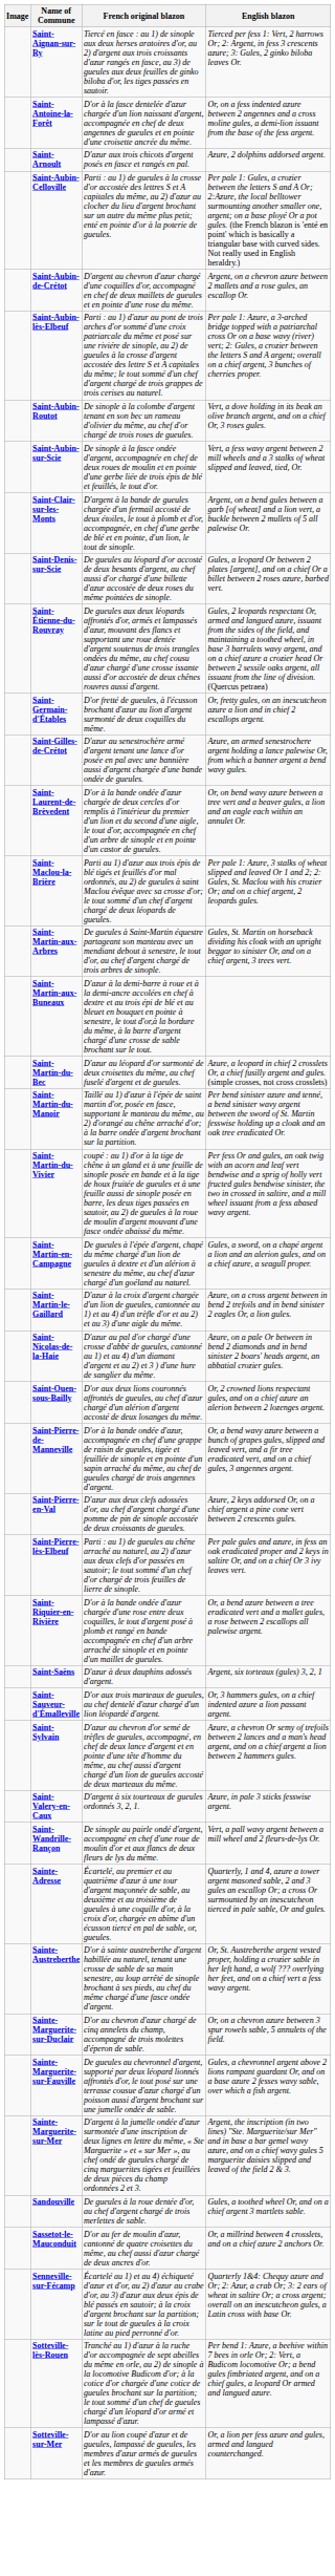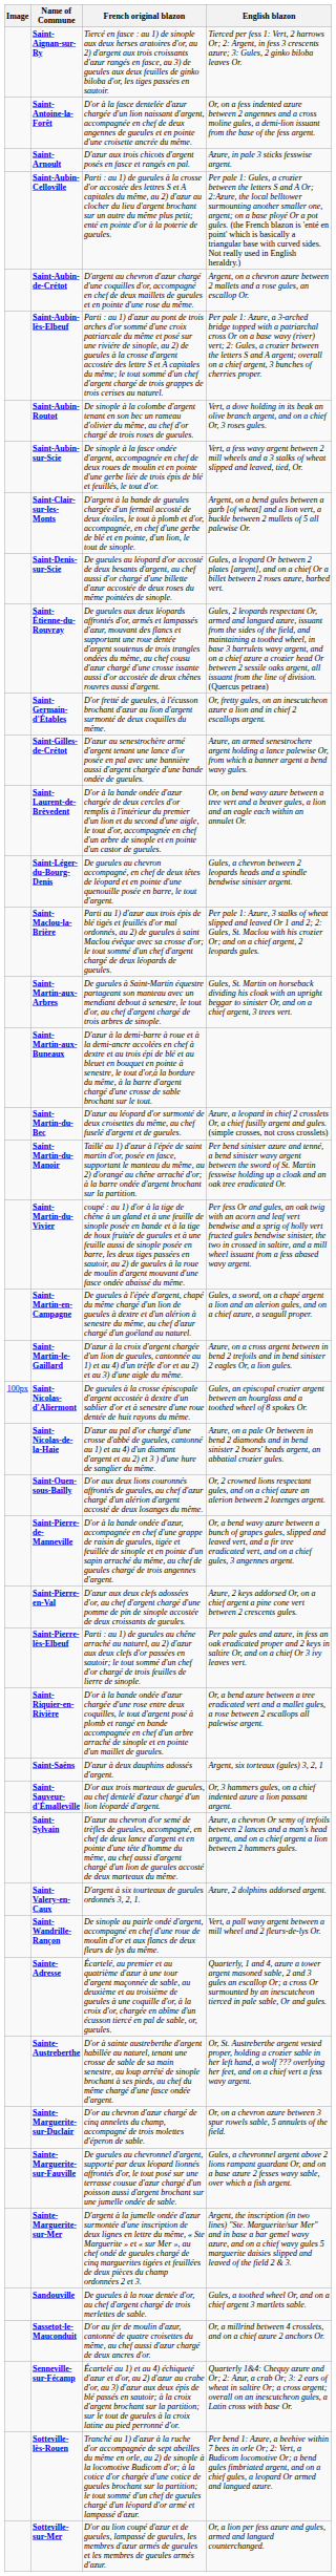 <table class="wikitable" width="100%">
 <tr>
 <th width="110">Image</th>
 <th>Name of Commune</th>
 <th width="40%">French original blazon</th>
 <th width="40%">English blazon</th>
 </tr>
 <tr valign=top>
 <td align=center></td>
 <td><strong><a href='#'>Saint-Aignan-sur-Ry</a></strong></td>
 <td><em>Tiercé en fasce : au 1) de sinople aux deux herses aratoires d'or, au 2) d'argent aux trois croissants d'azur rangés en fasce, au 3) de gueules aux deux feuilles de ginko biloba d'or, les tiges passées en sautoir.</em> </td>
 <td><em>Tierced per fess 1: Vert, 2 harrows Or; 2: Argent, in fess 3 crescents azure; 3: Gules, 2 ginko biloba leaves Or.</em></td>
 </tr>
 <tr valign=top>
 <td align=center></td>
 <td><strong><a href='#'>Saint-Antoine-la-Forêt</a></strong></td>
 <td><em>D'or à la fasce dentelée d'azur chargée d'un lion naissant d'argent, accompagnée en chef de deux angennes de gueules et en pointe d'une croisette ancrée du même.</em> </td>
 <td><em>Or, on a fess indented azure between 2 angennes and a cross moline gules, a demi-lion issuant from the base of the fess argent.</em></td>
 </tr>
 <tr valign=top>
 <td align=center></td>
 <td><strong><a href='#'>Saint-Arnoult</a></strong></td>
 <td><em>D'azur aux trois chicots d'argent posés en fasce et rangés en pal.</em> </td>
-<td><em>Azure, 2 dolphins addorsed argent.</em></td>
+<td><em>Azure, in pale 3 sticks fesswise argent.</em></td>
 </tr>
 <tr valign=top>
 <td align=center></td>
 <td><strong><a href='#'>Saint-Aubin-Celloville</a></strong></td>
 <td><em>Parti : au 1) de gueules à la crosse d'or accostée des lettres S et A capitales du même, au 2) d'azur au clocher du lieu d'argent brochant sur un autre du même plus petit; enté en pointe d'or à la poterie de gueules.</em> </td>
 <td><em>Per pale 1: Gules, a crozier between the letters S and A Or; 2:Azure, the local belltower surmounting another smaller one, argent; on a base ployé Or a pot gules.</em> (the French blazon is 'enté en point' which is basically a triangular base with curved sides.  Not really used in English heraldry.)</td>
 </tr>
 <tr valign=top>
 <td align=center></td>
 <td><strong><a href='#'>Saint-Aubin-de-Crétot</a></strong></td>
 <td><em>D'argent au chevron d'azur chargé d'une coquilles d'or, accompagné en chef de deux maillets de gueules et en pointe d'une rose du même.</em> </td>
 <td><em>Argent, on a chevron azure between 2 mallets and a rose gules, an escallop Or.</em></td>
 </tr>
 <tr valign=top>
 <td align=center></td>
 <td><strong><a href='#'>Saint-Aubin-lès-Elbeuf</a></strong></td>
 <td><em>Parti : au 1) d'azur au pont de trois arches d'or sommé d'une croix patriarcale du même et posé sur une riviére de sinople, au 2) de gueules à la crosse d'argent accostée des lettre S et A capitales du même; le tout sommé d'un chef d'argent chargé de trois grappes de trois cerises au naturel.</em> </td>
 <td><em>Per pale 1: Azure, a 3-arched bridge topped with a patriarchal cross Or on a base wavy (river) vert; 2: Gules, a crozier between the letters S and A argent; overall on a chief argent, 3 bunches of cherries proper.</em></td>
 </tr>
 <tr valign=top>
 <td align=center></td>
 <td><strong><a href='#'>Saint-Aubin-Routot</a></strong></td>
 <td><em>De sinople à la colombe d'argent tenant en son bec un rameau d'olivier du même, au chef d'or chargé de trois roses de gueules.</em> </td>
 <td><em>Vert, a dove holding in its beak an olive branch argent, and on a chief Or, 3 roses gules.</em></td>
 </tr>
 <tr valign=top>
 <td align=center></td>
 <td><strong><a href='#'>Saint-Aubin-sur-Scie</a></strong></td>
 <td><em>De sinople à la fasce ondée d'argent, accompagnée en chef de deux roues de moulin et en pointe d'une gerbe liée de trois épis de blé et feuillés, le tout d'or.</em> </td>
 <td><em>Vert, a fess wavy argent between 2 mill wheels and a 3 stalks of wheat slipped and leaved, tied, Or.</em></td>
 </tr>
 <tr valign=top>
 <td align=center></td>
 <td><strong><a href='#'>Saint-Clair-sur-les-Monts</a></strong></td>
 <td><em>D'argent à la bande de gueules chargée d'un fermail accosté de deux étoiles, le tout à plomb et d'or, accompagnée, en chef d'une gerbe de blé et en pointe, d'un lion, le tout de sinople.</em> </td>
 <td><em>Argent, on a bend gules between a garb [of wheat] and a lion vert, a buckle between 2 mullets of 5 all palewise Or.</em></td>
 </tr>
 <tr valign=top>
 <td align=center></td>
 <td><strong><a href='#'>Saint-Denis-sur-Scie</a></strong></td>
 <td><em>De gueules au léopard d'or accosté de deux besants d'argent, au chef aussi d'or chargé d'une billette d'azur accostée de deux roses du même pointées de sinople.</em> </td>
 <td><em>Gules, a leopard Or between 2 plates [argent], and on a chief Or a billet between 2 roses azure, barbed vert.</em></td>
 </tr>
 <tr valign=top>
 <td align=center></td>
 <td><strong><a href='#'>Saint-Étienne-du-Rouvray</a></strong></td>
 <td><em>De gueules aux deux léopards affrontés d'or, armés et lampassés d'azur, mouvant des flancs et supportant une roue dentée d'argent soutenus de trois trangles ondées du même, au chef cousu d'azur chargé d'une crosse issante aussi d'or accostée de deux chênes rouvres aussi d'argent.</em> </td>
 <td><em>Gules, 2 leopards respectant Or, armed and langued azure, issuant from the sides of the field, and maintaining a toothed wheel, in base 3 barrulets wavy argent, and on a chief azure a crozier head Or between 2 sessile oaks argent, all issuant from the line of division.</em> (Quercus petraea)</td>
 </tr>
 <tr valign=top>
 <td align=center></td>
 <td><strong><a href='#'>Saint-Germain-d'Étables</a></strong></td>
 <td><em>D'or fretté de gueules, à l'écusson brochant d'azur au lion d'argent surmonté de deux coquilles du même.</em> </td>
 <td><em>Or, fretty gules, on an inescutcheon azure a lion and in chief 2 escallops argent.</em></td>
 </tr>
 <tr valign=top>
 <td align=center></td>
 <td><strong><a href='#'>Saint-Gilles-de-Crétot</a></strong></td>
 <td><em>D'azur au senestrochère armé d'argent tenant une lance d'or posée en pal avec une bannière aussi d'argent chargée d'une bande ondée de gueules.</em> </td>
 <td><em>Azure, an armed senestrochere argent holding a lance palewise Or, from which a banner argent a bend wavy gules.</em></td>
 </tr>
 <tr valign=top>
 <td align=center></td>
 <td><strong><a href='#'>Saint-Laurent-de-Brèvedent</a></strong></td>
 <td><em>D'or à la bande ondée d'azur chargée de deux cercles d'or remplis à l'intérieur du premier d'un lion et du second d'une aigle, le tout d'or, accompagnée en chef d'un arbre de sinople et en pointe d'un castor de gueules.</em> </td>
 <td><em>Or, on bend wavy azure between a tree vert and a beaver gules, a lion and an eagle each within an annulet Or.</em></td>
 </tr>
 <tr valign=top>
 <td align=center></td>
+<td><strong><a href='#'>Saint-Léger-du-Bourg-Denis</a></strong></td>
+<td><em>De gueules au chevron accompagné, en chef de deux têtes de léopard et en pointe d'une quenouille posée en barre, le tout d'argent.</em> </td>
+<td><em>Gules, a chevron between 2 leopards heads and a spindle bendwise sinister argent.</em></td>
+</tr>
+<tr valign=top>
+<td align=center></td>
 <td><strong><a href='#'>Saint-Maclou-la-Brière</a></strong></td>
 <td><em>Parti au 1) d'azur aux trois épis de blé tigés et feuillés d'or mal ordonnés, au 2) de gueules à saint Maclou évêque avec sa crosse d'or; le tout sommé d'un chef d'argent chargé de deux léopards de gueules.</em> </td>
 <td><em>Per pale 1: Azure, 3 stalks of wheat slipped and leaved Or 1 and 2; 2: Gules, St. Maclou with his crozier Or; and on a chief argent, 2 leopards gules.</em></td>
 </tr>
 <tr valign=top>
 <td align=center></td>
 <td><strong><a href='#'>Saint-Martin-aux-Arbres</a></strong></td>
 <td><em>De gueules à Saint-Martin équestre partageant son manteau avec un mendiant debout à senestre, le tout d'or, au chef d'argent chargé de trois arbres de sinople.</em> </td>
 <td><em>Gules, St. Martin on horseback dividing his cloak with an upright beggar to sinister Or, and on a chief argent, 3 trees vert.</em></td>
 </tr>
 <tr valign=top>
 <td align=center></td>
 <td><strong><a href='#'>Saint-Martin-aux-Buneaux</a></strong></td>
 <td><em>D'azur à la demi-barre à roue et à la demi-ancre accolées en chef à dextre et au trois épi de blé et au bleuet en bouquet en pointe à senestre, le tout d'or,à la bordure du même, à la barre d'argent chargé d'une crosse de sable brochant sur le tout.</em> </td>
 <td></td>
 </tr>
 <tr valign=top>
 <td align=center></td>
 <td><strong><a href='#'>Saint-Martin-du-Bec</a></strong></td>
 <td><em>D'azur au léopard d'or surmonté de deux croisettes du même, au chef fuselé d'argent et de gueules.</em> </td>
 <td><em>Azure, a leopard in chief 2 crosslets Or, a chief fusilly argent and gules.</em> (simple crosses, not cross crosslets)</td>
 </tr>
 <tr valign=top>
 <td align=center></td>
 <td><strong><a href='#'>Saint-Martin-du-Manoir</a></strong></td>
 <td><em>Taillé au 1) d'azur à l'épée de saint martin d'or, posée en fasce, supportant le manteau du même, au 2) d'orangé au chêne arraché d'or; à la barre ondée d'argent brochant sur la partition.</em> </td>
 <td><em>Per bend sinister azure and tenné, a bend sinister wavy argent between the sword of St. Martin fesswise holding up a cloak and an oak tree eradicated Or.</em></td>
 </tr>
 <tr valign=top>
 <td align=center></td>
 <td><strong><a href='#'>Saint-Martin-du-Vivier</a></strong></td>
 <td><em>coupé : au 1) d'or à la tige de chêne à un gland et à une feuille de sinople posée en bande et à la tige de houx fruitée de gueules et à une feuille aussi de sinople posée en barre, les deux tiges passées en sautoir, au 2) de gueules à la roue de moulin d'argent mouvant d'une fasce ondée abaissé du même.</em> </td>
 <td><em>Per fess Or and gules, an oak twig with an acorn and leaf vert bendwise and a sprig of holly vert fructed gules bendwise sinister, the two in crossed in saltire, and a mill wheel issuant from a fess abased wavy argent.</em></td>
 </tr>
 <tr valign=top>
 <td align=center></td>
 <td><strong><a href='#'>Saint-Martin-en-Campagne</a></strong></td>
 <td><em>De gueules à l'épée d'argent, chapé du même chargé d'un lion de gueules à dextre et d'un alérion à senestre du même, au chef d'azur chargé d'un goéland au naturel.</em> </td>
 <td><em>Gules, a sword, on a chapé argent a lion and an alerion gules, and on a chief azure, a seagull proper.</em></td>
 </tr>
 <tr valign=top>
 <td align=center></td>
 <td><strong><a href='#'>Saint-Martin-le-Gaillard</a></strong></td>
 <td><em>D'azur à la croix d'argent chargée d'un lion de gueules, cantonnée au 1) et au 4) d'un trèfle d'or et au 2) et au 3) d'une aigle du même.</em> </td>
 <td><em>Azure, on a cross argent between in bend 2 trefoils and in bend sinister 2 eagles Or, a lion gules.</em></td>
+</tr>
+<tr valign=top>
+<td align=center><a href='#'>100px</a></td>
+<td><strong><a href='#'>Saint-Nicolas-d'Aliermont</a></strong></td>
+<td><em>De gueules à la crosse épiscopale d'argent accostée à dextre d'un sablier d'or et à senestre d'une roue dentée de huit rayons du même.</em> </td>
+<td><em>Gules, an episcopal crozier argent between an hourglass and a toothed wheel of 8 spokes Or.</em></td>
 </tr>
 <tr valign=top>
 <td align=center></td>
 <td><strong><a href='#'>Saint-Nicolas-de-la-Haie</a></strong></td>
 <td><em>D'azur au pal d'or chargé d'une crosse d'abbé de gueules, cantonné au 1) et au 4) d'un diamant d'argent et au 2) et 3 ) d'une hure de sanglier du même.</em> </td>
 <td><em>Azure, on a pale Or between in bend 2 diamonds and in bend sinister 2 boars' heads argent, an abbatial crozier gules.</em></td>
 </tr>
 <tr valign=top>
 <td align=center></td>
 <td><strong><a href='#'>Saint-Ouen-sous-Bailly</a></strong></td>
 <td><em>D'or aux deux lions couronnés affrontés de gueules, au chef d'azur chargé d'un alérion d'argent accosté de deux losanges du même.</em> </td>
 <td><em>Or, 2 crowned lions respectant gules, and on a chief azure an alerion between 2 lozenges argent.</em></td>
 </tr>
 <tr valign=top>
 <td align=center></td>
 <td><strong><a href='#'>Saint-Pierre-de-Manneville</a></strong></td>
 <td><em>D'or à la bande ondée d'azur, accompagnée en chef d'une grappe de raisin de gueules, tigée et feuillée de sinople et en pointe d'un sapin arraché du même, au chef de gueules chargé de trois angennes d'argent.</em> </td>
 <td><em>Or, a bend wavy azure between a bunch of grapes gules, slipped and leaved vert, and a fir tree eradicated vert, and on a chief gules, 3 angennes argent.</em> </td>
 </tr>
 <tr valign=top>
 <td align=center></td>
 <td><strong><a href='#'>Saint-Pierre-en-Val</a></strong></td>
 <td><em>D'azur aux deux clefs adossées d'or, au chef d'argent chargé d'une pomme de pin de sinople accostée de deux croissants de gueules.</em> </td>
 <td><em>Azure, 2 keys addorsed Or, on a chief argent a pine cone vert between 2 crescents gules.</em></td>
 </tr>
 <tr valign=top>
 <td align=center></td>
 <td><strong><a href='#'>Saint-Pierre-lès-Elbeuf</a></strong></td>
 <td><em>Parti : au 1) de gueules au chêne arraché au naturel, au 2) d'azur aux deux clefs d'or passées en sautoir; le tout sommé d'un chef d'or chargé de trois feuilles de lierre de sinople.</em> </td>
 <td><em>Per pale gules and azure, in fess an oak eradicated proper and 2 keys in saltire Or, and on a chief Or 3 ivy leaves vert.</em></td>
 </tr>
 <tr valign=top>
 <td align=center></td>
 <td><strong><a href='#'>Saint-Riquier-en-Rivière</a></strong></td>
 <td><em>D'or à la bande ondée d'azur chargée d'une rose entre deux coquilles, le tout d'argent posé à plomb et rangé en bande accompagnée en chef d'un arbre arraché de sinople et en pointe d'un maillet de gueules.</em> </td>
 <td><em>Or, a bend azure between a tree eradicated vert and a mallet gules, a rose between 2 escallops all palewise argent.</em></td>
 </tr>
 <tr valign=top>
 <td align=center></td>
 <td><strong><a href='#'>Saint-Saëns</a></strong></td>
 <td><em>D'azur à deux dauphins adossés d'argent.</em> </td>
 <td><em>Argent, six torteaux (gules) 3, 2, 1</em></td>
 </tr>
 <tr valign=top>
 <td align=center></td>
 <td><strong><a href='#'>Saint-Sauveur-d'Émalleville</a></strong></td>
 <td><em>D'or aux trois marteaux de gueules, au chef dentelé d'azur chargé d'un lion léopardé d'argent.</em> </td>
 <td><em>Or, 3 hammers gules, on a chief indented azure a lion passant argent.</em></td>
 </tr>
 <tr valign=top>
 <td align=center></td>
 <td><strong><a href='#'>Saint-Sylvain</a></strong></td>
 <td><em>D'azur au chevron d'or semé de trèfles de gueules, accompagné, en chef de deux lance d'argent et en pointe d'une tête d'homme du même, au chef aussi d'argent chargé d'un lion de gueules accosté de deux marteaux du même.</em> </td>
 <td><em>Azure, a chevron Or semy of trefoils between 2 lances and a man's head argent, and on a chief argent a lion between 2 hammers gules.</em></td>
 </tr>
 <tr valign=top>
 <td align=center></td>
 <td><strong><a href='#'>Saint-Valery-en-Caux</a></strong></td>
 <td><em>D'argent à six tourteaux de gueules ordonnés 3, 2, 1.</em> </td>
-<td><em>Azure, in pale 3 sticks fesswise argent.</em></td>
+<td><em>Azure, 2 dolphins addorsed argent.</em></td>
 </tr>
 <tr valign=top>
 <td align=center></td>
 <td><strong><a href='#'>Saint-Wandrille-Rançon</a></strong></td>
 <td><em>De sinople au pairle ondé d'argent, accompagné en chef d'une roue de moulin d'or et aux flancs de deux fleurs de lys du même.</em> </td>
 <td><em>Vert, a pall wavy argent between a mill wheel and 2 fleurs-de-lys Or.</em></td>
 </tr>
 <tr valign=top>
 <td align=center></td>
 <td><strong><a href='#'>Sainte-Adresse</a></strong></td>
 <td><em>Écartelé, au premier et au quatrième d'azur à une tour d'argent maçonnée de sable, au deuxième et au troisième de gueules à une coquille d'or, à la croix d'or, chargée en abîme d'un écusson tiercé en pal de sable, or, gueules.</em> </td>
 <td><em>Quarterly, 1 and 4, azure a tower argent masoned sable, 2 and 3 gules an escallop Or; a cross Or surmounted by an inescutcheon tierced in pale sable, Or and gules.</em></td>
 </tr>
 <tr valign=top>
 <td align=center></td>
 <td><strong><a href='#'>Sainte-Austreberthe</a></strong></td>
 <td><em>D'or à sainte austreberthe d'argent habillée au naturel, tenant une crosse de sable de sa main senestre, au loup arrêté de sinople brochant à ses pieds, au chef du même chargé d'une fasce ondée d'argent.</em> </td>
 <td><em>Or, St. Austreberthe argent vested proper, holding a crozier sable in her left hand, a wolf ??? overlying her feet, and on a chief vert a fess wavy argent.</em></td>
 </tr>
 <tr valign=top>
 <td align=center></td>
 <td><strong><a href='#'>Sainte-Marguerite-sur-Duclair</a></strong></td>
 <td><em>D'or au chevron d'azur chargé de cinq annelets du champ, accompagné de trois molettes d'éperon de sable.</em> </td>
 <td><em>Or, on a chevron azure between 3 spur rowels sable, 5 annulets of the field.</em></td>
 </tr>
 <tr valign=top>
 <td align=center></td>
 <td><strong><a href='#'>Sainte-Marguerite-sur-Fauville</a></strong></td>
 <td><em>De gueules au chevronnel d'argent, supporté par deux léopard lionnés affrontés d'or, le tout posé sur une terrasse cousue d'azur chargé d'un poisson aussi d'argent brochant sur une jumelle ondée de sable.</em> </td>
 <td><em>Gules, a chevronnel argent above 2 lions rampant guardant Or, and on a base azure 2 fesses wavy sable, over which a fish argent.</em></td>
 </tr>
 <tr valign=top>
 <td align=center></td>
 <td><strong><a href='#'>Sainte-Marguerite-sur-Mer</a></strong></td>
 <td><em>D'argent à la jumelle ondée d'azur surmontée d'une inscription de deux lignes en lettre du même, « Ste Marguerite » et « sur Mer », au chef ondé de gueules chargé de cinq marguerites tigées et feuillées de deux pièces du champ ordonnées 2 et 3.</em> </td>
 <td><em>Argent, the inscription (in two lines) "Ste. Marguerite/sur Mer" and in base a bar gemel wavy azure, and on a chief wavy gules 5 marguerite daisies slipped and leaved of the field 2 & 3.</em></td>
 </tr>
 <tr valign=top>
 <td align=center></td>
 <td><strong><a href='#'>Sandouville</a></strong></td>
 <td><em>De gueules à la roue dentée d'or, au chef d'argent chargé de trois merlettes de sable.</em> </td>
 <td><em>Gules, a toothed wheel Or, and on a chief argent 3 martlets sable.</em></td>
 </tr>
 <tr valign=top>
 <td align=center></td>
 <td><strong><a href='#'>Sassetot-le-Mauconduit</a></strong></td>
 <td><em>D'or au fer de moulin d'azur, cantonné de quatre croisettes du même, au chef aussi d'azur chargé de deux ancres d'or.</em> </td>
 <td><em>Or, a millrind between 4 crosslets, and on a chief azure 2 anchors Or.</em></td>
 </tr>
 <tr valign=top>
 <td align=center></td>
 <td><strong><a href='#'>Senneville-sur-Fécamp</a></strong></td>
 <td><em>Écartelé au 1) et au 4) échiqueté d'azur et d'or, au 2) d'azur au crabe d'or, au 3) d'azur aux deux épis de blé passés en sautoir; à la croix d'argent brochant sur la partition; sur le tout de gueules à la croix latine au pied perronné d'or.</em> </td>
 <td><em>Quarterly 1&4: Chequy azure and Or; 2: Azur, a crab Or; 3: 2 ears of wheat in saltire Or; a cross argent; overall on an inescutcheon gules, a Latin cross with base Or.</em></td>
 </tr>
 <tr valign=top>
 <td align=center></td>
 <td><strong><a href='#'>Sotteville-lès-Rouen</a></strong></td>
 <td><em>Tranché au 1) d'azur à la ruche d'or accompagnée de sept abeilles du même en orle, au 2) de sinople à la locomotive Budicom d'or; à la cotice d'or chargée d'une cotice de gueules brochant sur la partition; le tout sommé d'un chef de gueules chargé d'un léopard d'or armé et lampassé d'azur.</em> </td>
 <td><em>Per bend 1: Azure, a beehive within 7 bees in orle Or; 2: Vert, a Budicom locomotive Or; a bend gules fimbriated argent, and on a chief gules, a leopard Or armed and langued azure.</em></td>
 </tr>
 <tr valign=top>
 <td align=center></td>
 <td><strong><a href='#'>Sotteville-sur-Mer</a></strong></td>
 <td><em>D'or au lion coupé d'azur et de gueules, lampassé de gueules, les membres d'azur armés de gueules et les membres de gueules armés d'azur.</em> </td>
 <td><em>Or, a lion per fess azure and gules, armed and langued counterchanged.</em></td>
 </tr>
 </table>
